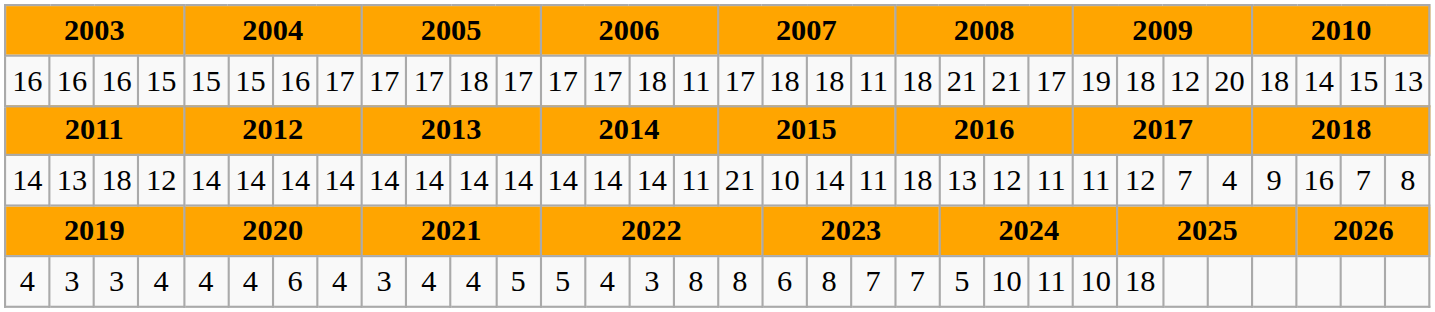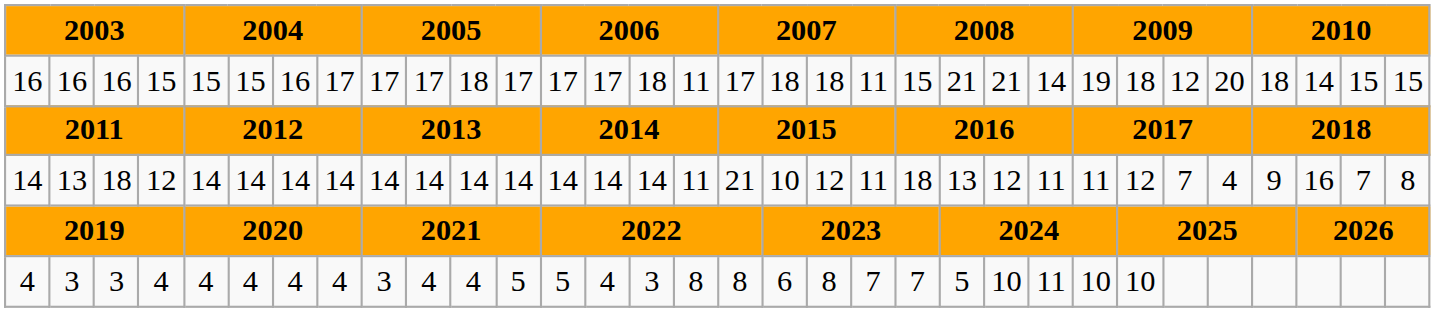 <table class="wikitable" style="text-align: center;font-size:90%;">
 <tr>
 <th colspan="4" style="background: orange;">2003</th>
 <th colspan="4" style="background: orange;">2004</th>
 <th colspan="4" style="background: orange;">2005</th>
 <th colspan="4" style="background: orange;">2006</th>
 <th colspan="4" style="background: orange;">2007</th>
 <th colspan="4" style="background: orange;">2008</th>
 <th colspan="4" style="background: orange;">2009</th>
 <th colspan="4" style="background: orange;">2010</th>
 </tr>
 <tr>
 <td> 16</td>
 <td> 16</td>
 <td> 16</td>
 <td> 15</td>
 <td> 15</td>
 <td> 15</td>
 <td> 16</td>
 <td> 17</td>
 <td> 17</td>
 <td> 17</td>
 <td> 18</td>
 <td> 17</td>
 <td> 17</td>
 <td> 17</td>
 <td> 18</td>
 <td> 11</td>
 <td> 17</td>
 <td> 18</td>
 <td> 18</td>
 <td> 11</td>
-<td> 18</td>
+<td> 15</td>
 <td> 21</td>
 <td> 21</td>
-<td> 17</td>
+<td> 14</td>
 <td> 19</td>
 <td> 18</td>
 <td> 12</td>
 <td> 20</td>
 <td> 18</td>
 <td> 14</td>
 <td> 15</td>
-<td> 13</td>
+<td> 15</td>
 </tr>
 <tr>
 <th colspan="4" style="background: orange;">2011</th>
 <th colspan="4" style="background: orange;">2012</th>
 <th colspan="4" style="background: orange;">2013</th>
 <th colspan="4" style="background: orange;">2014</th>
 <th colspan="4" style="background: orange;">2015</th>
 <th colspan="4" style="background: orange;">2016</th>
 <th colspan="4" style="background: orange;">2017</th>
 <th colspan="4" style="background: orange;">2018</th>
 </tr>
 <tr>
 <td> 14</td>
 <td> 13</td>
 <td> 18</td>
 <td> 12</td>
 <td> 14</td>
 <td> 14</td>
 <td> 14</td>
 <td> 14</td>
 <td> 14</td>
 <td> 14</td>
 <td> 14</td>
 <td> 14</td>
 <td> 14</td>
 <td> 14</td>
 <td> 14</td>
 <td> 11</td>
 <td> 21</td>
 <td> 10</td>
-<td> 14</td>
+<td> 12</td>
 <td> 11</td>
 <td> 18</td>
 <td> 13</td>
 <td> 12</td>
 <td> 11</td>
 <td> 11</td>
 <td> 12</td>
 <td> 7</td>
 <td> 4</td>
 <td> 9</td>
 <td> 16</td>
 <td> 7</td>
 <td> 8</td>
 </tr>
 <tr>
 <th colspan="4" style="background: orange;">2019</th>
 <th colspan="4" style="background: orange;">2020</th>
 <th colspan="4" style="background: orange;">2021</th>
 <th colspan="5" style="background: orange;">2022</th>
 <th colspan="4" style="background: orange;">2023</th>
 <th colspan="4" style="background: orange;">2024</th>
 <th colspan="4" style="background: orange;">2025</th>
 <th colspan="4" style="background: orange;">2026</th>
 </tr>
 <tr>
 <td> 4</td>
 <td> 3</td>
 <td> 3</td>
 <td> 4</td>
 <td> 4</td>
 <td> 4</td>
-<td> 6</td>
+<td> 4</td>
 <td> 4</td>
 <td> 3</td>
 <td> 4</td>
 <td> 4</td>
 <td> 5</td>
 <td>5</td>
 <td> 4</td>
 <td> 3</td>
 <td> 8</td>
 <td>8</td>
 <td>6</td>
 <td> 8</td>
 <td> 7</td>
 <td> 7</td>
 <td> 5</td>
 <td> 10</td>
 <td> 11</td>
 <td> 10</td>
-<td> 18</td>
+<td> 10</td>
 <td></td>
 <td></td>
 <td></td>
 <td></td>
 <td></td>
 <td></td>
 </tr>
 </table>
